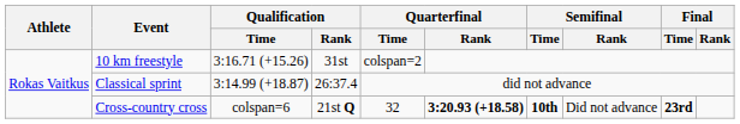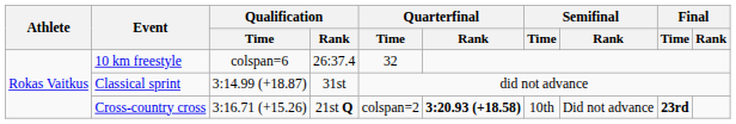 <table class="wikitable" style="font-size:90%">
 <tr>
 <th rowspan="2">Athlete</th>
 <th rowspan="2">Event</th>
 <th colspan="2">Qualification</th>
 <th colspan="2">Quarterfinal</th>
 <th colspan="2">Semifinal</th>
 <th colspan="2">Final</th>
 </tr>
 <tr style="font-size:95%">
 <th>Time</th>
 <th>Rank</th>
 <th>Time</th>
 <th>Rank</th>
 <th>Time</th>
 <th>Rank</th>
 <th>Time</th>
 <th>Rank</th>
 </tr>
 <tr align=center>
 <td align=left rowspan=3><a href='#'>Rokas Vaitkus</a></td>
 <td align=left><a href='#'>10 km freestyle</a></td>
-<td>3:16.71 (+15.26)</td>
-<td>31st</td>
-<td>colspan=2 </td>
+<td>colspan=6 </td>
+<td>26:37.4</td>
+<td>32</td>
 </tr>
 <tr align=center>
 <td align=left><a href='#'>Classical sprint</a></td>
 <td>3:14.99 (+18.87)</td>
-<td>26:37.4</td>
+<td>31st</td>
 <td colspan=6>did not advance</td>
 </tr>
 <tr align=center>
 <td align=left><a href='#'>Cross-country cross</a></td>
-<td>colspan=6 </td>
+<td>3:16.71 (+15.26)</td>
 <td>21st <strong>Q</strong></td>
-<td>32</td>
+<td>colspan=2 </td>
 <td><strong>3:20.93 (+18.58)</strong></td>
-<td><strong>10th</strong></td>
+<td>10th</td>
 <td>Did not advance</td>
 <td><strong>23rd</strong></td>
 </tr>
 </table>
